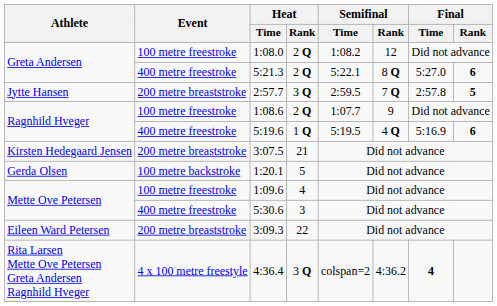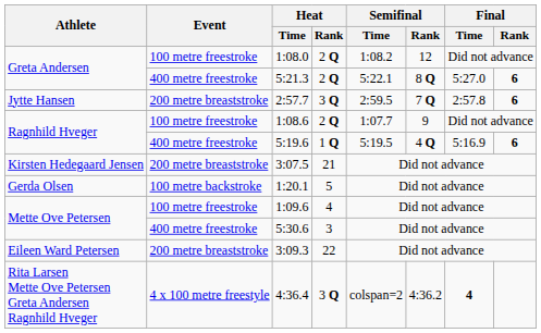 <table class=wikitable style="font-size:90%">
 <tr>
 <th rowspan="2">Athlete</th>
 <th rowspan="2">Event</th>
 <th colspan="2">Heat</th>
 <th colspan="2">Semifinal</th>
 <th colspan="2">Final</th>
 </tr>
 <tr style="font-size:95%">
 <th>Time</th>
 <th>Rank</th>
 <th>Time</th>
 <th>Rank</th>
 <th>Time</th>
 <th>Rank</th>
 </tr>
 <tr align=center>
 <td align=left rowspan=2><a href='#'>Greta Andersen</a></td>
 <td align=left><a href='#'>100 metre freestroke</a></td>
 <td>1:08.0</td>
 <td>2 <strong>Q</strong></td>
 <td>1:08.2</td>
 <td>12</td>
 <td colspan=2>Did not advance</td>
 </tr>
 <tr align=center>
 <td align=left><a href='#'>400 metre freestroke</a></td>
 <td>5:21.3</td>
 <td>2 <strong>Q</strong></td>
 <td>5:22.1</td>
 <td>8 <strong>Q</strong></td>
 <td>5:27.0</td>
 <td><strong>6</strong></td>
 </tr>
 <tr align=center>
 <td align=left rowspan=1><a href='#'>Jytte Hansen</a></td>
 <td align=left><a href='#'>200 metre breaststroke</a></td>
 <td>2:57.7</td>
 <td>3 <strong>Q</strong></td>
 <td>2:59.5</td>
 <td>7 <strong>Q</strong></td>
 <td>2:57.8</td>
-<td><strong>5</strong></td>
+<td><strong>6</strong></td>
 </tr>
 <tr align=center>
 <td align=left rowspan=2><a href='#'>Ragnhild Hveger</a></td>
 <td align=left><a href='#'>100 metre freestroke</a></td>
 <td>1:08.6</td>
 <td>2 <strong>Q</strong></td>
 <td>1:07.7</td>
 <td>9</td>
 <td colspan=2>Did not advance</td>
 </tr>
 <tr align=center>
 <td align=left><a href='#'>400 metre freestroke</a></td>
 <td>5:19.6</td>
 <td>1 <strong>Q</strong></td>
 <td>5:19.5</td>
 <td>4 <strong>Q</strong></td>
 <td>5:16.9</td>
 <td><strong>6</strong></td>
 </tr>
 <tr align=center>
 <td align=left rowspan=1><a href='#'>Kirsten Hedegaard Jensen</a></td>
 <td align=left><a href='#'>200 metre breaststroke</a></td>
 <td>3:07.5</td>
 <td>21</td>
 <td colspan=4>Did not advance</td>
 </tr>
 <tr align=center>
 <td align=left rowspan=1><a href='#'>Gerda Olsen</a></td>
 <td align=left><a href='#'>100 metre backstroke</a></td>
 <td>1:20.1</td>
 <td>5</td>
 <td colspan=4>Did not advance</td>
 </tr>
 <tr align=center>
 <td align=left rowspan=2><a href='#'>Mette Ove Petersen</a></td>
 <td align=left><a href='#'>100 metre freestroke</a></td>
 <td>1:09.6</td>
 <td>4</td>
 <td colspan=4>Did not advance</td>
 </tr>
 <tr align=center>
 <td align=left><a href='#'>400 metre freestroke</a></td>
 <td>5:30.6</td>
 <td>3</td>
 <td colspan=4>Did not advance</td>
 </tr>
 <tr align=center>
 <td align=left rowspan=1><a href='#'>Eileen Ward Petersen </a></td>
 <td align=left><a href='#'>200 metre breaststroke</a></td>
 <td>3:09.3</td>
 <td>22</td>
 <td colspan=4>Did not advance</td>
 </tr>
 <tr align=center>
 <td align=left rowspan=1><a href='#'>Rita Larsen</a><br><a href='#'>Mette Ove Petersen</a><br><a href='#'>Greta Andersen</a><br><a href='#'>Ragnhild Hveger</a></td>
 <td align=left><a href='#'>4 x 100 metre freestyle</a></td>
 <td>4:36.4</td>
 <td>3 <strong>Q</strong></td>
 <td>colspan=2 </td>
 <td>4:36.2</td>
 <td><strong>4</strong></td>
 </tr>
 </table>
